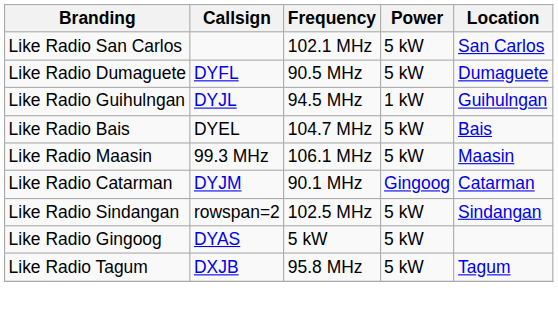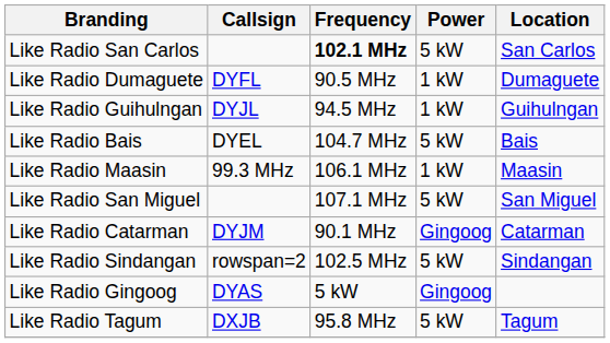 <table class="wikitable">
 <tr>
 <th>Branding</th>
 <th>Callsign</th>
 <th>Frequency</th>
 <th>Power</th>
 <th>Location</th>
 </tr>
 <tr>
 <td>Like Radio San Carlos</td>
 <td></td>
-<td>102.1 MHz</td>
+<td><strong>102.1 MHz</strong></td>
 <td>5 kW</td>
 <td><a href='#'>San Carlos</a></td>
 </tr>
 <tr>
 <td>Like Radio Dumaguete</td>
 <td><a href='#'>DYFL</a></td>
 <td>90.5 MHz</td>
-<td>5 kW</td>
+<td>1 kW</td>
 <td><a href='#'>Dumaguete</a></td>
 </tr>
 <tr>
 <td>Like Radio Guihulngan</td>
 <td><a href='#'>DYJL</a></td>
 <td>94.5 MHz</td>
 <td>1 kW</td>
 <td><a href='#'>Guihulngan</a></td>
 </tr>
 <tr>
 <td>Like Radio Bais</td>
 <td>DYEL</td>
 <td>104.7 MHz</td>
 <td>5 kW</td>
 <td><a href='#'>Bais</a></td>
 </tr>
 <tr>
 <td>Like Radio Maasin</td>
 <td>99.3 MHz</td>
 <td>106.1 MHz</td>
+<td>1 kW</td>
+<td><a href='#'>Maasin</a></td>
+</tr>
+<tr>
+<td>Like Radio San Miguel</td>
+<td></td>
+<td>107.1 MHz</td>
 <td>5 kW</td>
-<td><a href='#'>Maasin</a></td>
+<td><a href='#'>San Miguel</a></td>
 </tr>
 <tr>
 <td>Like Radio Catarman</td>
 <td><a href='#'>DYJM</a></td>
 <td>90.1 MHz</td>
 <td><a href='#'>Gingoog</a></td>
 <td><a href='#'>Catarman</a></td>
 </tr>
 <tr>
 <td>Like Radio Sindangan</td>
 <td>rowspan=2 </td>
 <td>102.5 MHz</td>
 <td>5 kW</td>
 <td><a href='#'>Sindangan</a></td>
 </tr>
 <tr>
 <td>Like Radio Gingoog</td>
 <td><a href='#'>DYAS</a></td>
 <td>5 kW</td>
-<td>5 kW</td>
+<td><a href='#'>Gingoog</a></td>
 </tr>
 <tr>
 <td>Like Radio Tagum</td>
 <td><a href='#'>DXJB</a></td>
 <td>95.8 MHz</td>
 <td>5 kW</td>
 <td><a href='#'>Tagum</a></td>
 </tr>
 <tr>
 </tr>
 </table>
